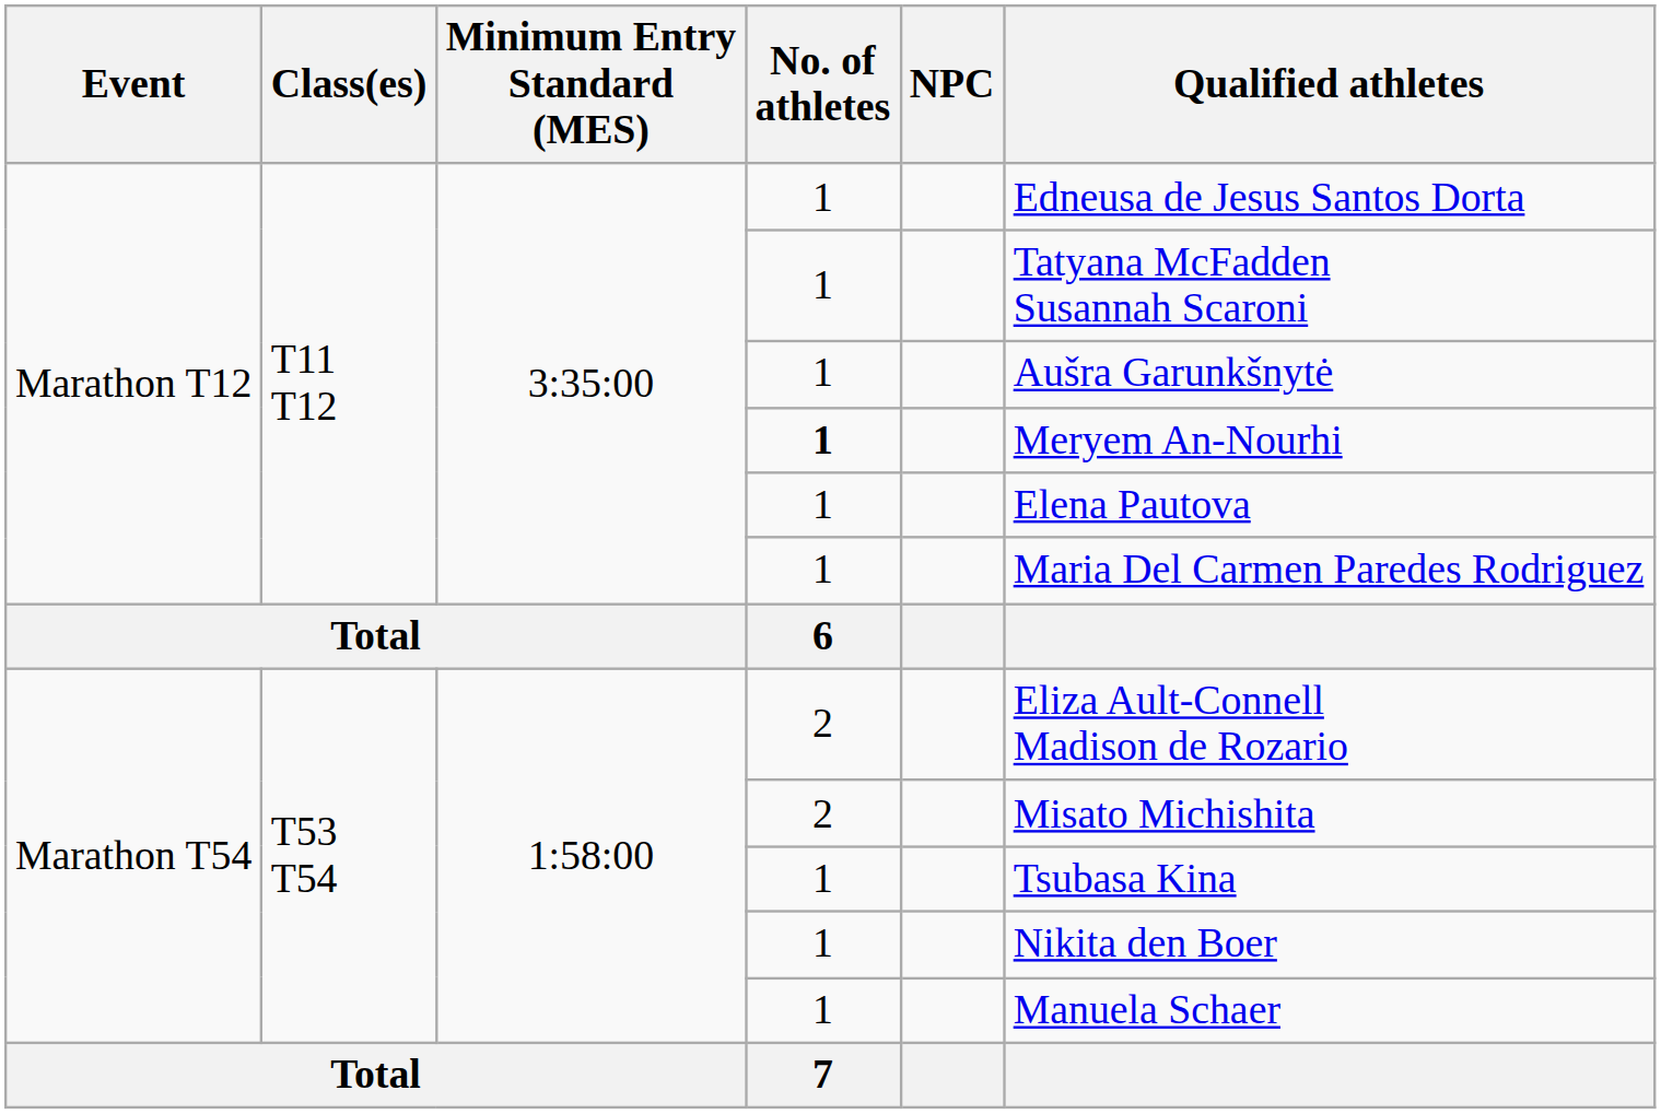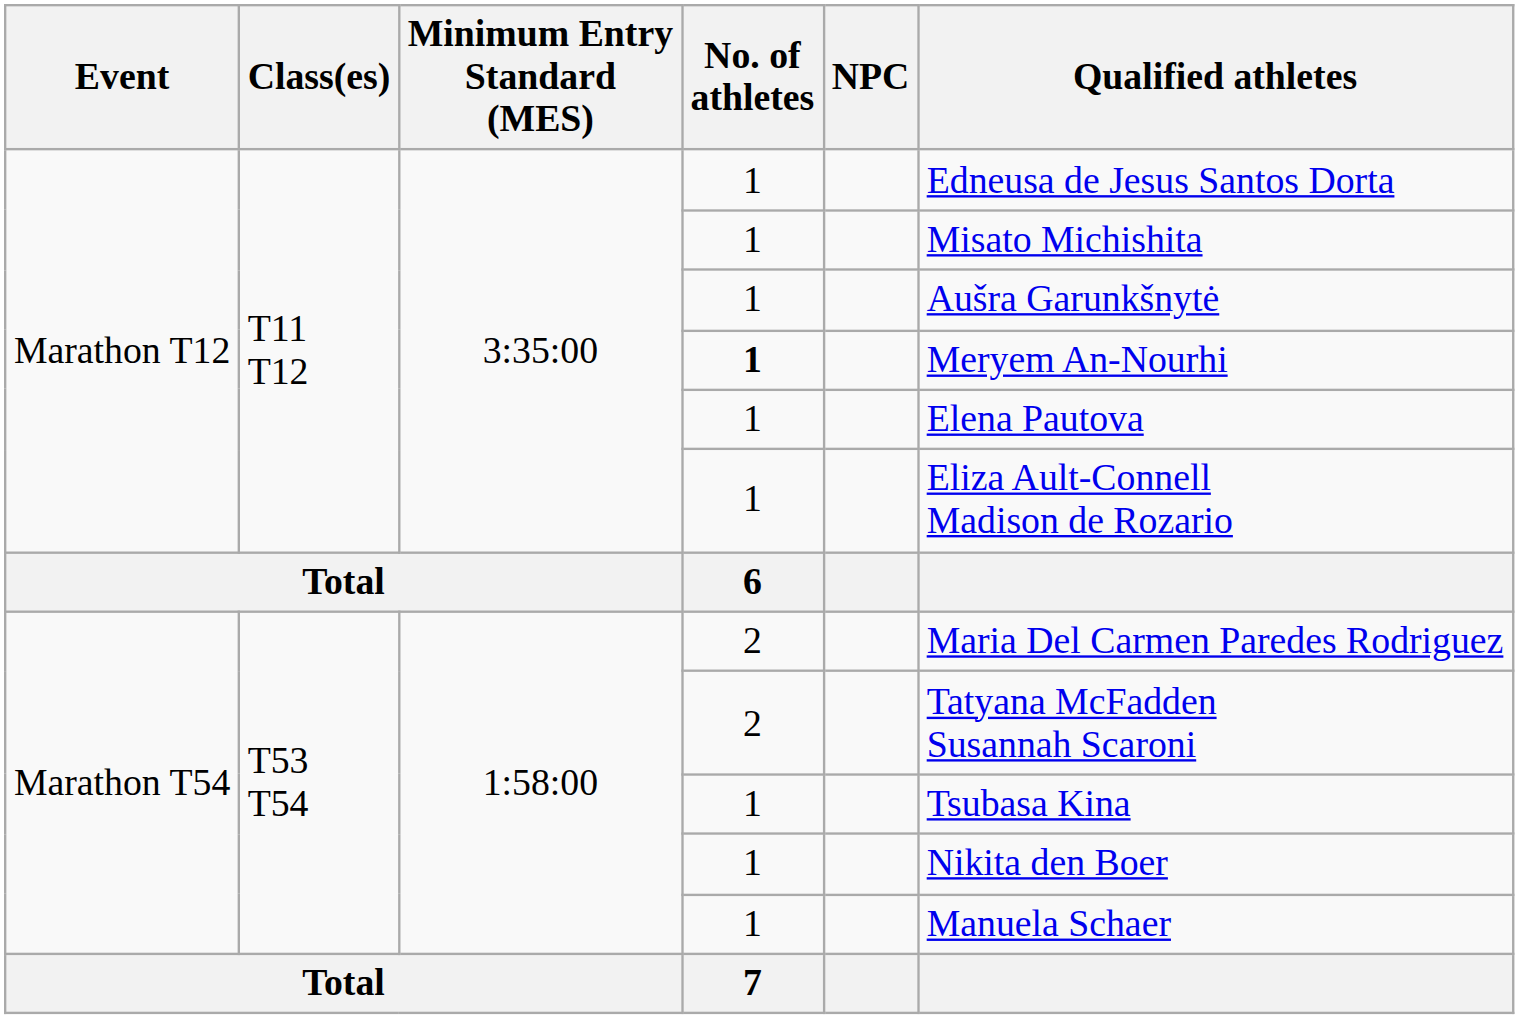 <table class="wikitable">
 <tr>
 <th>Event</th>
 <th>Class(es)</th>
 <th>Minimum Entry<br> Standard<br> (MES)</th>
 <th>No. of<br>athletes</th>
 <th>NPC</th>
 <th>Qualified athletes</th>
 </tr>
 <tr>
 <td rowspan=6>Marathon T12</td>
 <td rowspan=6>T11<br>T12</td>
 <td rowspan=6 align="center">3:35:00</td>
 <td align=center>1</td>
 <td></td>
 <td><a href='#'>Edneusa de Jesus Santos Dorta</a></td>
 </tr>
 <tr>
 <td align=center>1</td>
 <td></td>
-<td><a href='#'>Tatyana McFadden</a><br> <a href='#'>Susannah Scaroni</a></td>
+<td><a href='#'>Misato Michishita</a></td>
 </tr>
 <tr>
 <td align=center>1</td>
 <td></td>
 <td><a href='#'>Aušra Garunkšnytė</a></td>
 </tr>
 <tr>
 <td align=center><strong>1</strong></td>
 <td></td>
 <td><a href='#'>Meryem An-Nourhi</a></td>
 </tr>
 <tr>
 <td align=center>1</td>
 <td></td>
 <td><a href='#'>Elena Pautova</a></td>
 </tr>
 <tr>
 <td align=center>1</td>
 <td></td>
-<td><a href='#'>Maria Del Carmen Paredes Rodriguez</a></td>
+<td><a href='#'>Eliza Ault-Connell</a><br> <a href='#'>Madison de Rozario</a></td>
 </tr>
 <tr>
 <th colspan=3>Total</th>
 <th>6</th>
 <th></th>
 <th></th>
 </tr>
 <tr>
 <td rowspan=5>Marathon T54</td>
 <td rowspan=5>T53<br>T54</td>
 <td rowspan=5 align="center">1:58:00</td>
 <td align=center>2</td>
 <td></td>
-<td><a href='#'>Eliza Ault-Connell</a><br> <a href='#'>Madison de Rozario</a></td>
+<td><a href='#'>Maria Del Carmen Paredes Rodriguez</a></td>
 </tr>
 <tr>
 <td align=center>2</td>
 <td></td>
-<td><a href='#'>Misato Michishita</a></td>
+<td><a href='#'>Tatyana McFadden</a><br> <a href='#'>Susannah Scaroni</a></td>
 </tr>
 <tr>
 <td align=center>1</td>
 <td></td>
 <td><a href='#'>Tsubasa Kina</a></td>
 </tr>
 <tr>
 <td align=center>1</td>
 <td></td>
 <td><a href='#'>Nikita den Boer</a></td>
 </tr>
 <tr>
 <td align=center>1</td>
 <td></td>
 <td><a href='#'>Manuela Schaer</a></td>
 </tr>
 <tr>
 <th colspan=3>Total</th>
 <th>7</th>
 <th></th>
 <th></th>
 </tr>
 </table>
